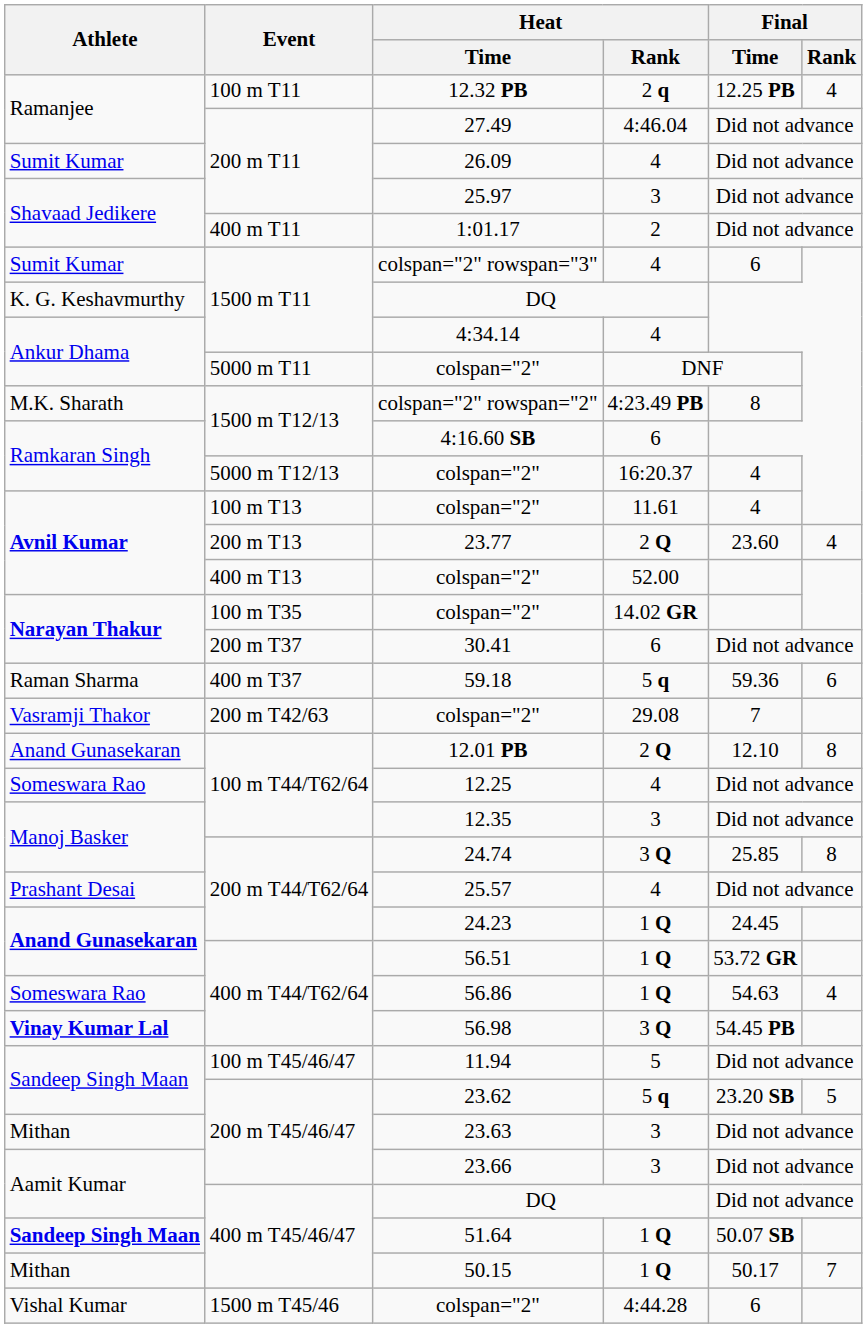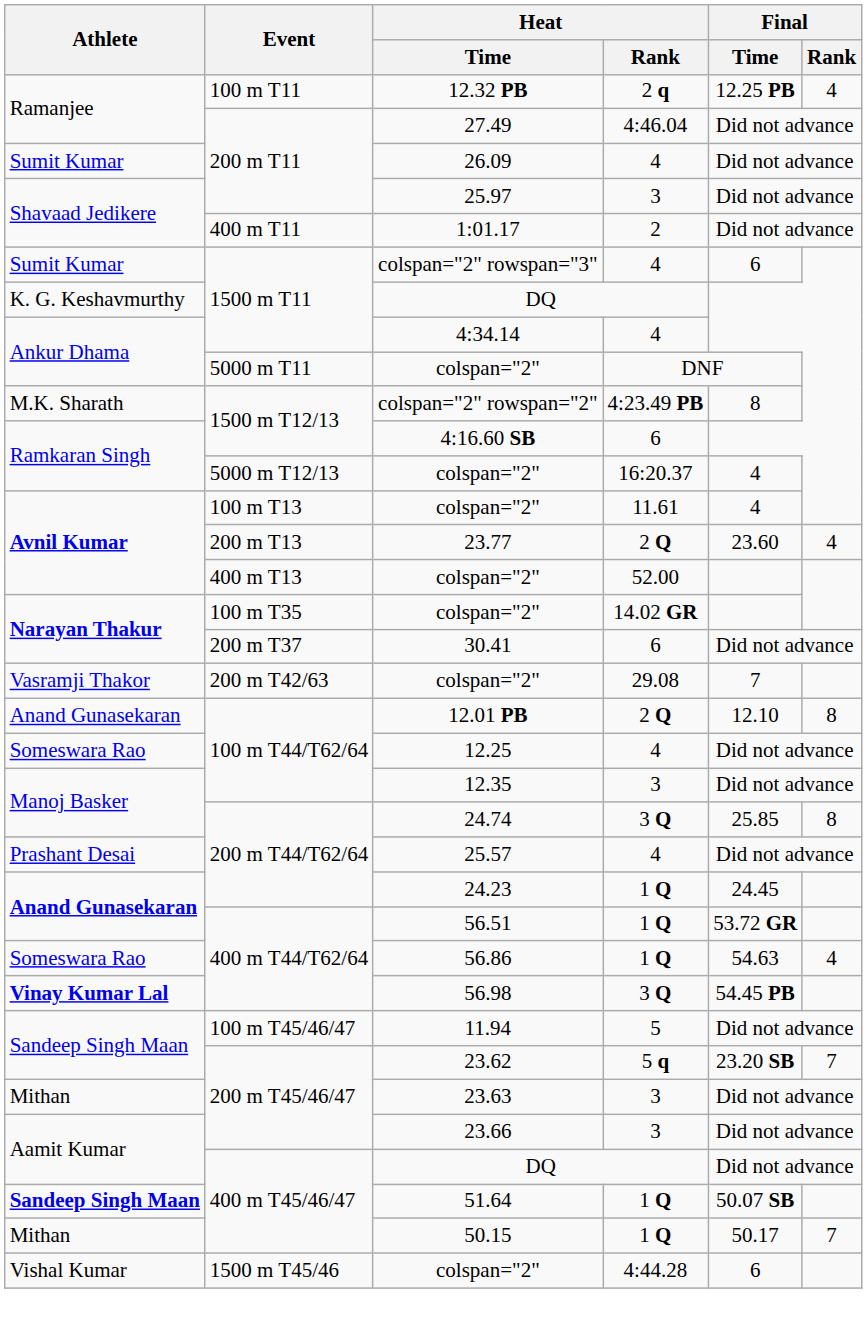 <table class="wikitable" style="text-align:center; font-size:90%">
 <tr>
 <th rowspan="2">Athlete</th>
 <th rowspan="2">Event</th>
 <th colspan="2">Heat</th>
 <th colspan="2">Final</th>
 </tr>
 <tr>
 <th>Time</th>
 <th>Rank</th>
 <th>Time</th>
 <th>Rank</th>
 </tr>
 <tr>
 <td align="left" rowspan=2>Ramanjee</td>
 <td align="left">100 m T11</td>
 <td>12.32 <strong>PB</strong></td>
 <td>2 <strong>q</strong></td>
 <td>12.25 <strong>PB</strong></td>
 <td>4</td>
 </tr>
 <tr>
 <td align="left" rowspan="3">200 m T11</td>
 <td>27.49</td>
 <td>4:46.04</td>
 <td colspan="2">Did not advance</td>
 </tr>
 <tr>
 <td align="left"><a href='#'>Sumit Kumar</a></td>
 <td>26.09</td>
 <td>4</td>
 <td colspan="2">Did not advance</td>
 </tr>
 <tr>
 <td align="left" rowspan=2><a href='#'>Shavaad Jedikere</a></td>
 <td>25.97</td>
 <td>3</td>
 <td colspan="2">Did not advance</td>
 </tr>
 <tr>
 <td align="left">400 m T11</td>
 <td>1:01.17</td>
 <td>2</td>
 <td colspan="2">Did not advance</td>
 </tr>
 <tr>
 <td align="left"><a href='#'>Sumit Kumar</a></td>
 <td align="left" rowspan="3">1500 m T11</td>
 <td>colspan="2" rowspan="3" </td>
 <td>4</td>
 <td>6</td>
 </tr>
 <tr>
 <td align="left">K. G. Keshavmurthy</td>
 <td colspan="2">DQ</td>
 </tr>
 <tr>
 <td align="left" rowspan=2><a href='#'>Ankur Dhama</a></td>
 <td>4:34.14</td>
 <td>4</td>
 </tr>
 <tr>
 <td align="left">5000 m T11</td>
 <td>colspan="2" </td>
 <td colspan="2">DNF</td>
 </tr>
 <tr>
 <td align="left">M.K. Sharath</td>
 <td align="left" rowspan="2">1500 m T12/13</td>
 <td>colspan="2" rowspan="2" </td>
 <td>4:23.49 <strong>PB</strong></td>
 <td>8</td>
 </tr>
 <tr>
 <td align="left" rowspan=2><a href='#'>Ramkaran Singh</a></td>
 <td>4:16.60 <strong>SB</strong></td>
 <td>6</td>
 </tr>
 <tr>
 <td align="left">5000 m T12/13</td>
 <td>colspan="2" </td>
 <td>16:20.37</td>
 <td>4</td>
 </tr>
 <tr>
 <td align="left" rowspan=3><strong><a href='#'>Avnil Kumar</a></strong></td>
 <td align="left">100 m T13</td>
 <td>colspan="2" </td>
 <td>11.61</td>
 <td>4</td>
 </tr>
 <tr>
 <td align="left">200 m T13</td>
 <td>23.77</td>
 <td>2 <strong>Q</strong></td>
 <td>23.60</td>
 <td>4</td>
 </tr>
 <tr>
 <td align="left">400 m T13</td>
 <td>colspan="2" </td>
 <td>52.00</td>
 <td></td>
 </tr>
 <tr>
 <td align="left" rowspan=2><strong><a href='#'>Narayan Thakur</a></strong></td>
 <td align="left">100 m T35</td>
 <td>colspan="2" </td>
 <td>14.02 <strong>GR</strong></td>
 <td></td>
 </tr>
 <tr>
 <td align="left">200 m T37</td>
 <td>30.41</td>
 <td>6</td>
 <td colspan="2">Did not advance</td>
 </tr>
 <tr>
-<td align="left">Raman Sharma</td>
-<td align="left">400 m T37</td>
-<td>59.18</td>
-<td>5 <strong>q</strong></td>
-<td>59.36</td>
-<td>6</td>
-</tr>
-<tr>
 <td align="left"><a href='#'>Vasramji Thakor</a></td>
 <td align="left">200 m T42/63</td>
 <td>colspan="2" </td>
 <td>29.08</td>
 <td>7</td>
 </tr>
 <tr>
 <td align="left"><a href='#'>Anand Gunasekaran</a></td>
 <td align="left" rowspan="3">100 m T44/T62/64</td>
 <td>12.01 <strong>PB</strong></td>
 <td>2 <strong>Q</strong></td>
 <td>12.10</td>
 <td>8</td>
 </tr>
 <tr>
 <td align="left"><a href='#'>Someswara Rao</a></td>
 <td>12.25</td>
 <td>4</td>
 <td colspan="2">Did not advance</td>
 </tr>
 <tr>
 <td align="left" rowspan=2><a href='#'>Manoj Basker</a></td>
 <td>12.35</td>
 <td>3</td>
 <td colspan="2">Did not advance</td>
 </tr>
 <tr>
 <td align="left" rowspan="3">200 m T44/T62/64</td>
 <td>24.74</td>
 <td>3 <strong>Q</strong></td>
 <td>25.85</td>
 <td>8</td>
 </tr>
 <tr>
 <td align="left"><a href='#'>Prashant Desai</a></td>
 <td>25.57</td>
 <td>4</td>
 <td colspan="2">Did not advance</td>
 </tr>
 <tr>
 <td align="left" rowspan=2><strong><a href='#'>Anand Gunasekaran</a></strong></td>
 <td>24.23</td>
 <td>1 <strong>Q</strong></td>
 <td>24.45</td>
 <td></td>
 </tr>
 <tr>
 <td align="left" rowspan="3">400 m T44/T62/64</td>
 <td>56.51</td>
 <td>1 <strong>Q</strong></td>
 <td>53.72 <strong>GR</strong></td>
 <td></td>
 </tr>
 <tr>
 <td align="left"><a href='#'>Someswara Rao</a></td>
 <td>56.86</td>
 <td>1 <strong>Q</strong></td>
 <td>54.63</td>
 <td>4</td>
 </tr>
 <tr>
 <td align="left"><strong><a href='#'>Vinay Kumar Lal</a></strong></td>
 <td>56.98</td>
 <td>3 <strong>Q</strong></td>
 <td>54.45 <strong>PB</strong></td>
 <td></td>
 </tr>
 <tr>
 <td align="left" rowspan=2><a href='#'>Sandeep Singh Maan</a></td>
 <td align="left">100 m T45/46/47</td>
 <td>11.94</td>
 <td>5</td>
 <td colspan="2">Did not advance</td>
 </tr>
 <tr>
 <td align="left" rowspan="3">200 m T45/46/47</td>
 <td>23.62</td>
 <td>5 <strong>q</strong></td>
 <td>23.20 <strong>SB</strong></td>
-<td>5</td>
+<td>7</td>
 </tr>
 <tr>
 <td align="left">Mithan</td>
 <td>23.63</td>
 <td>3</td>
 <td colspan="2">Did not advance</td>
 </tr>
 <tr>
 <td align="left" rowspan=2>Aamit Kumar</td>
 <td>23.66</td>
 <td>3</td>
 <td colspan="2">Did not advance</td>
 </tr>
 <tr>
 <td align="left" rowspan="3">400 m T45/46/47</td>
 <td colspan="2">DQ</td>
 <td colspan="2">Did not advance</td>
 </tr>
 <tr>
 <td align="left"><strong><a href='#'>Sandeep Singh Maan</a></strong></td>
 <td>51.64</td>
 <td>1 <strong>Q</strong></td>
 <td>50.07 <strong>SB</strong></td>
 <td></td>
 </tr>
 <tr>
 <td align="left">Mithan</td>
 <td>50.15</td>
 <td>1 <strong>Q</strong></td>
 <td>50.17</td>
 <td>7</td>
 </tr>
 <tr>
 <td align="left">Vishal Kumar</td>
 <td align="left">1500 m T45/46</td>
 <td>colspan="2" </td>
 <td>4:44.28</td>
 <td>6</td>
 </tr>
 </table>
